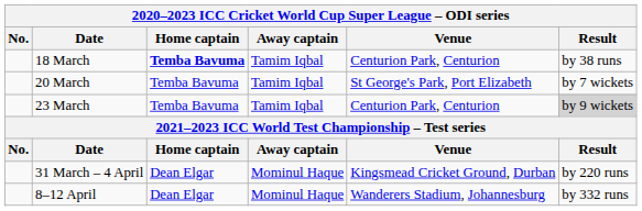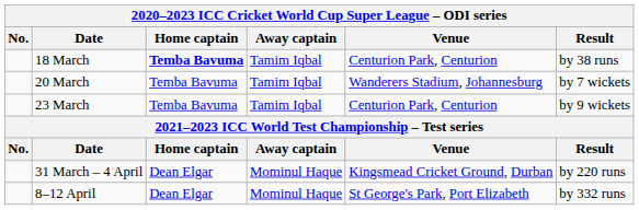 <table class="wikitable">
 <tr>
 <th colspan="9"><a href='#'>2020–2023 ICC Cricket World Cup Super League</a> – ODI series</th>
 </tr>
 <tr>
 <th>No.</th>
 <th>Date</th>
 <th>Home captain</th>
 <th>Away captain</th>
 <th>Venue</th>
 <th>Result</th>
 </tr>
 <tr>
 <td></td>
 <td>18 March</td>
 <td><strong><a href='#'>Temba Bavuma</a></strong></td>
 <td><a href='#'>Tamim Iqbal</a></td>
 <td><a href='#'>Centurion Park</a>, <a href='#'>Centurion</a></td>
 <td> by 38 runs</td>
 </tr>
 <tr>
 <td></td>
 <td>20 March</td>
 <td><a href='#'>Temba Bavuma</a></td>
 <td><a href='#'>Tamim Iqbal</a></td>
-<td><a href='#'>St George's Park</a>, <a href='#'>Port Elizabeth</a></td>
+<td><a href='#'>Wanderers Stadium</a>, <a href='#'>Johannesburg</a></td>
 <td> by 7 wickets</td>
 </tr>
 <tr>
 <td></td>
 <td>23 March</td>
 <td><a href='#'>Temba Bavuma</a></td>
 <td><a href='#'>Tamim Iqbal</a></td>
 <td><a href='#'>Centurion Park</a>, <a href='#'>Centurion</a></td>
-<td style="background: lightgrey;"> by 9 wickets</td>
+<td> by 9 wickets</td>
 </tr>
 <tr>
 <th colspan="9"><a href='#'>2021–2023 ICC World Test Championship</a> – Test series</th>
 </tr>
 <tr>
 <th>No.</th>
 <th>Date</th>
 <th>Home captain</th>
 <th>Away captain</th>
 <th>Venue</th>
 <th>Result</th>
 </tr>
 <tr>
 <td></td>
 <td>31 March – 4 April</td>
 <td><a href='#'>Dean Elgar</a></td>
 <td><a href='#'>Mominul Haque</a></td>
 <td><a href='#'>Kingsmead Cricket Ground</a>, <a href='#'>Durban</a></td>
 <td> by 220 runs</td>
 </tr>
 <tr>
 <td></td>
 <td>8–12 April</td>
 <td><a href='#'>Dean Elgar</a></td>
 <td><a href='#'>Mominul Haque</a></td>
-<td><a href='#'>Wanderers Stadium</a>, <a href='#'>Johannesburg</a></td>
+<td><a href='#'>St George's Park</a>, <a href='#'>Port Elizabeth</a></td>
 <td> by 332 runs</td>
 </tr>
 </table>
